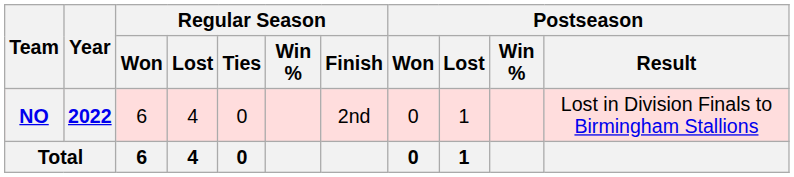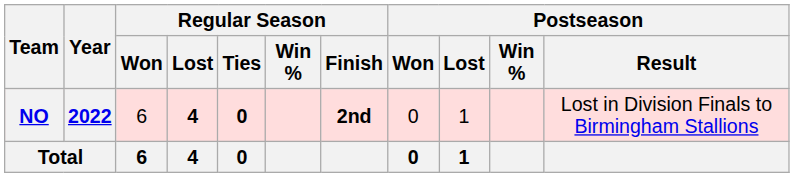 <table class="wikitable" style="font-size: 95%; text-align:center;">
 <tr>
 <th rowspan="2">Team</th>
 <th rowspan="2">Year</th>
 <th colspan="5">Regular Season</th>
 <th colspan="4">Postseason</th>
 </tr>
 <tr>
 <th>Won</th>
 <th>Lost</th>
 <th>Ties</th>
 <th>Win %</th>
 <th>Finish</th>
 <th>Won</th>
 <th>Lost</th>
 <th>Win %</th>
 <th>Result</th>
 </tr>
 <tr ! style="background:#fdd;">
 <th><a href='#'>NO</a></th>
 <th><a href='#'>2022</a></th>
 <td>6</td>
-<td>4</td>
-<td>0</td>
+<td><strong>4</strong></td>
+<td><strong>0</strong></td>
 <td></td>
-<td>2nd </td>
+<td><strong>2nd </strong></td>
 <td>0</td>
 <td>1</td>
 <td></td>
 <td>Lost in Division Finals to <a href='#'>Birmingham Stallions</a></td>
 </tr>
 <tr>
 <th colspan="2">Total</th>
 <th>6</th>
 <th>4</th>
 <th>0</th>
 <th></th>
 <th></th>
 <th>0</th>
 <th>1</th>
 <th></th>
 <th></th>
 </tr>
 </table>
